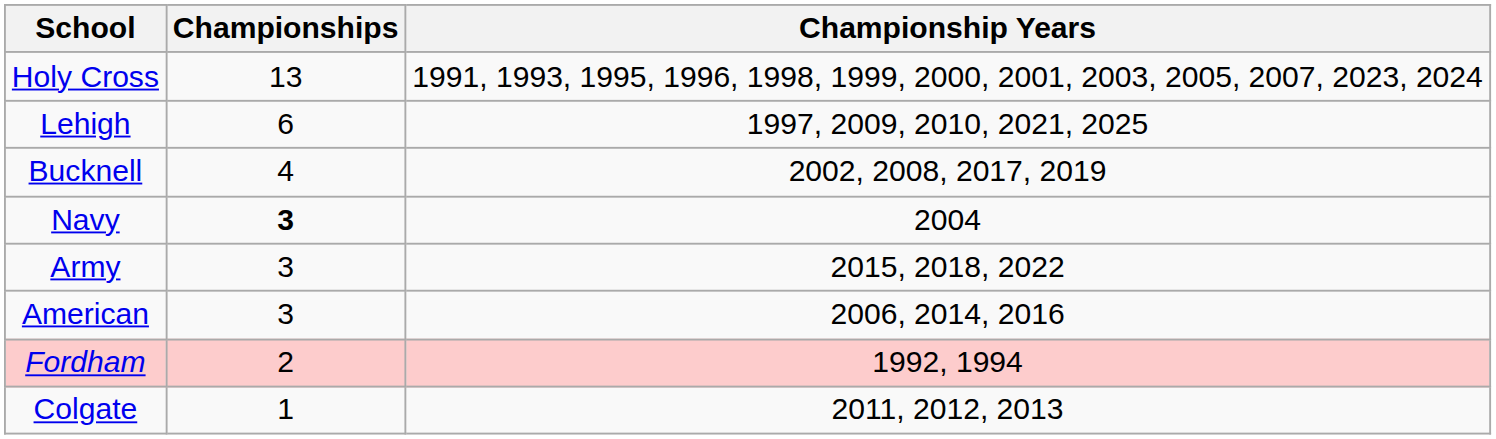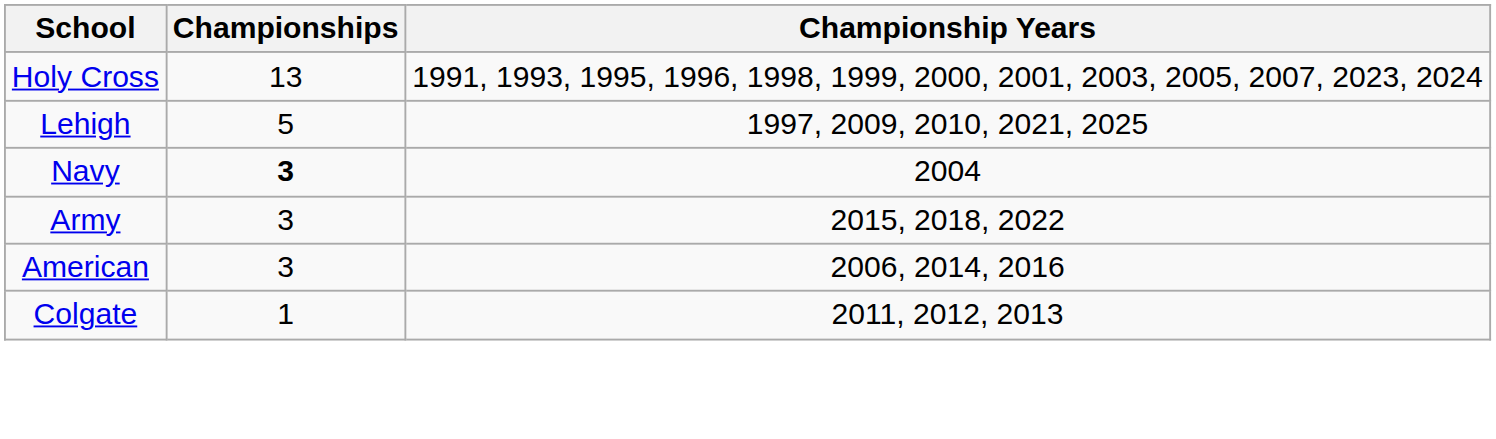 <table class="wikitable sortable" style="text-align:center">
 <tr>
 <th width=px>School</th>
 <th width=px>Championships</th>
 <th width=px>Championship Years</th>
 </tr>
 <tr>
 <td><a href='#'>Holy Cross</a></td>
 <td align=center>13</td>
 <td>1991, 1993, 1995, 1996, 1998, 1999, 2000, 2001, 2003, 2005, 2007, 2023, 2024</td>
 </tr>
 <tr>
 <td><a href='#'>Lehigh</a></td>
-<td align=center>6</td>
+<td align=center>5</td>
 <td>1997, 2009, 2010, 2021, 2025</td>
-</tr>
-<tr>
-<td><a href='#'>Bucknell</a></td>
-<td align=center>4</td>
-<td>2002, 2008, 2017, 2019</td>
 </tr>
 <tr>
 <td><a href='#'>Navy</a></td>
 <td align=center><strong>3</strong></td>
 <td>2004</td>
 </tr>
 <tr>
 <td><a href='#'>Army</a></td>
 <td align=center>3</td>
 <td>2015, 2018, 2022</td>
 </tr>
 <tr>
 <td><a href='#'>American</a></td>
 <td align=center>3</td>
 <td>2006, 2014, 2016</td>
 </tr>
-<tr bgcolor=#fdcccc>
-<td><em><a href='#'>Fordham</a></em></td>
-<td align=center>2</td>
-<td>1992, 1994</td>
-</tr>
 <tr>
 <td><a href='#'>Colgate</a></td>
 <td align=center>1</td>
 <td>2011, 2012, 2013</td>
 </tr>
 </table>
